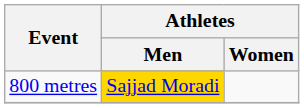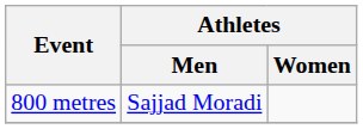 <table class=wikitable style="font-size:90%">
 <tr>
 <th rowspan=2>Event</th>
 <th colspan=2>Athletes</th>
 </tr>
 <tr>
 <th>Men</th>
 <th>Women</th>
 </tr>
 <tr>
 <td><a href='#'>800 metres</a></td>
-<td style="background: gold;"><a href='#'>Sajjad Moradi</a></td>
+<td><a href='#'>Sajjad Moradi</a></td>
 <td></td>
 </tr>
 <tr>
 </tr>
 </table>
